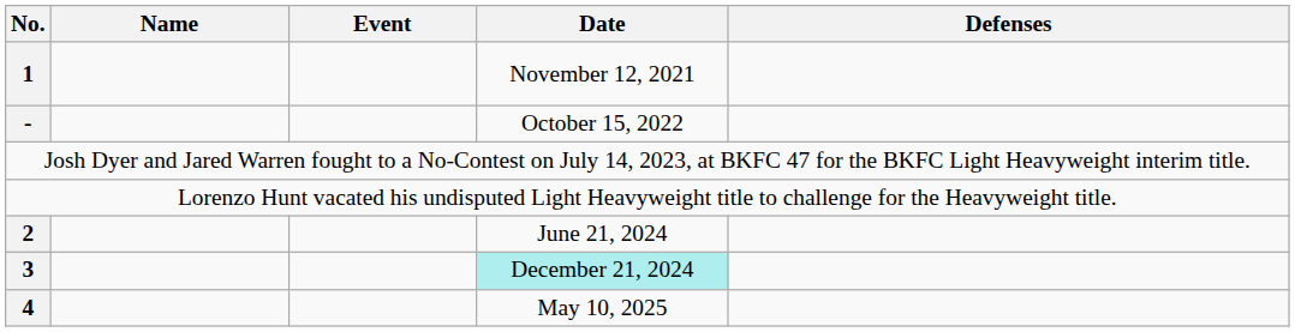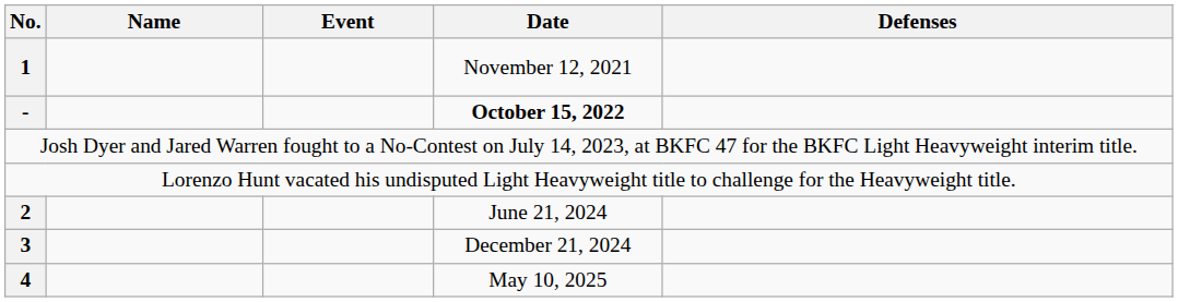 <table class="wikitable" width=100%>
 <tr>
 <th width=1%>No.</th>
 <th width=19%>Name</th>
 <th width=15%>Event</th>
 <th width=20%>Date</th>
 <th width=45%>Defenses</th>
 </tr>
 <tr>
 <th>1</th>
 <td align=left> <br> </td>
 <td align=center><br></td>
 <td align=center>November 12, 2021</td>
 <td><br><br> </td>
 </tr>
 <tr>
 <th>-</th>
 <td align=left><br></td>
 <td align=center><br></td>
-<td align=center>October 15, 2022</td>
+<td align=center><strong>October 15, 2022</strong></td>
 <td></td>
 </tr>
 <tr>
 <td colspan=5 align=center>Josh Dyer and Jared Warren fought to a No-Contest on July 14, 2023, at BKFC 47 for the BKFC Light Heavyweight interim title.</td>
 </tr>
 <tr>
 <td colspan=5 align=center>Lorenzo Hunt vacated his undisputed Light Heavyweight title to challenge for the Heavyweight title.</td>
 </tr>
 <tr>
 <th>2</th>
 <td align=left><br></td>
 <td align=center><br></td>
 <td align=center>June 21, 2024</td>
 <td></td>
 </tr>
 <tr>
 <th>3</th>
 <td align=left><br></td>
 <td align=center><br></td>
-<td align=center style="background: paleturquoise;">December 21, 2024</td>
+<td align=center>December 21, 2024</td>
 <td></td>
 </tr>
 <tr>
 <th>4</th>
 <td align=left><br></td>
 <td align=center><br></td>
 <td align=center>May 10, 2025</td>
 </tr>
 </table>
